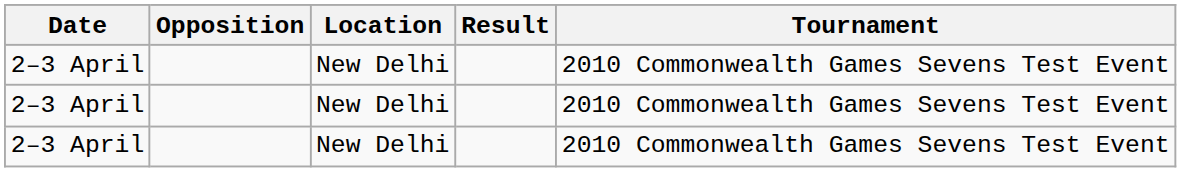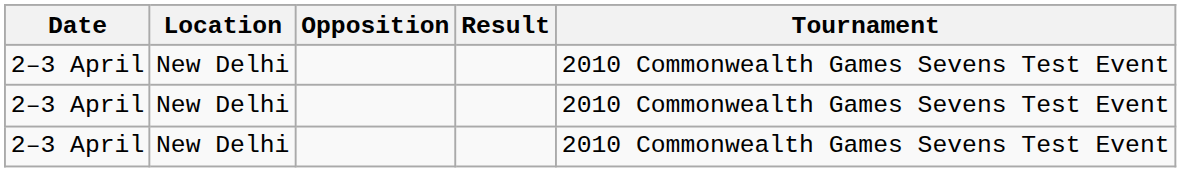 <table class="wikitable">
 <tr align="left">
 <th>Date</th>
+<th>Location</th>
 <th>Opposition</th>
-<th>Location</th>
 <th>Result</th>
 <th>Tournament</th>
 </tr>
 <tr>
 <td>2–3 April</td>
+<td>New Delhi</td>
 <td></td>
-<td>New Delhi</td>
 <td></td>
 <td>2010 Commonwealth Games Sevens Test Event</td>
 </tr>
 <tr>
 <td>2–3 April</td>
+<td>New Delhi</td>
 <td></td>
-<td>New Delhi</td>
 <td></td>
 <td>2010 Commonwealth Games Sevens Test Event</td>
 </tr>
 <tr>
 <td>2–3 April</td>
+<td>New Delhi</td>
 <td></td>
-<td>New Delhi</td>
 <td></td>
 <td>2010 Commonwealth Games Sevens Test Event</td>
 </tr>
 </table>
